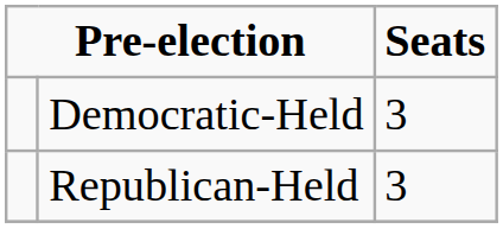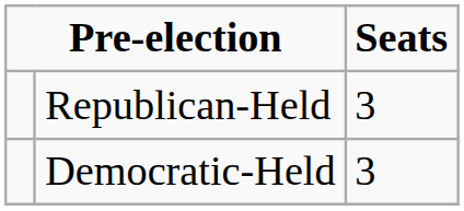 <table class= "wikitable">
 <tr>
 <td colspan= "2" rowspan= "1" align= "center" valign= "top"><strong>Pre-election</strong></td>
 <td valign= "top"><strong>Seats</strong><br></td>
 </tr>
 <tr>
 <td style="background-color:"> </td>
-<td>Democratic-Held</td>
+<td>Republican-Held</td>
 <td>3</td>
 </tr>
 <tr>
 <td style="background-color:"> </td>
-<td>Republican-Held</td>
+<td>Democratic-Held</td>
 <td>3</td>
 </tr>
 <tr>
 </tr>
 </table>
